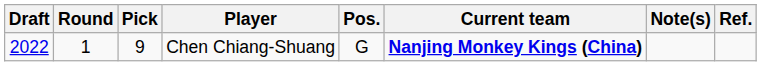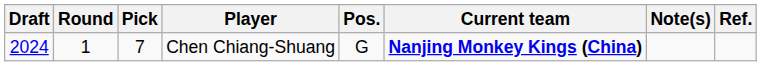 <table class="wikitable sortable" style="text-align:left; font-size:90%;">
 <tr>
 <th>Draft</th>
 <th>Round</th>
 <th>Pick</th>
 <th>Player</th>
 <th>Pos.</th>
 <th>Current team</th>
 <th>Note(s)</th>
 <th>Ref.</th>
 </tr>
 <tr>
-<td style="text-align:center;"><a href='#'>2022</a></td>
+<td style="text-align:center;"><a href='#'>2024</a></td>
 <td style="text-align:center;">1</td>
-<td style="text-align:center;">9</td>
+<td style="text-align:center;">7</td>
 <td>Chen Chiang-Shuang</td>
 <td style="text-align:center;">G</td>
 <td><strong><a href='#'>Nanjing Monkey Kings</a> (<a href='#'>China</a>)</strong></td>
 <td></td>
 <td style="text-align:center;"></td>
 </tr>
 </table>
